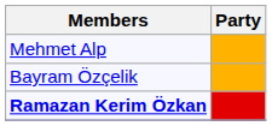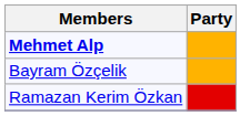 <table class=wikitable style="border:1px solid #8888aa; background-color:#f7f8ff; padding:0px; font-size:90%;">
 <tr>
 <th>Members</th>
 <th colspan="2">Party</th>
 </tr>
 <tr>
-<td><a href='#'>Mehmet Alp</a></td>
+<td><strong><a href='#'>Mehmet Alp</a></strong></td>
 <td style="background: #ffb300"></td>
 </tr>
 <tr>
 <td><a href='#'>Bayram Özçelik</a></td>
 <td style="background: #ffb300"></td>
 </tr>
 <tr>
-<td><strong><a href='#'>Ramazan Kerim Özkan</a></strong></td>
+<td><a href='#'>Ramazan Kerim Özkan</a></td>
 <td style="background: #e30000"></td>
 </tr>
 <tr>
 </tr>
 </table>
